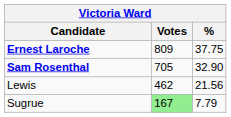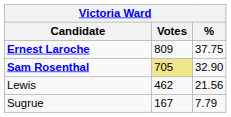 <table class="wikitable">
 <tr>
 <th colspan="3"><a href='#'>Victoria Ward</a></th>
 </tr>
 <tr>
 <th style="width: 200px">Candidate</th>
 <th style="width: 50px">Votes</th>
 <th style="width: 40px">%</th>
 </tr>
 <tr>
 <td><strong><a href='#'>Ernest Laroche</a></strong></td>
 <td>809</td>
 <td>37.75</td>
 </tr>
 <tr>
 <td><strong><a href='#'>Sam Rosenthal</a></strong></td>
-<td>705</td>
+<td style="background: khaki;">705</td>
 <td>32.90</td>
 </tr>
 <tr>
 <td>Lewis</td>
 <td>462</td>
 <td>21.56</td>
 </tr>
 <tr>
 <td>Sugrue</td>
-<td style="background: lightgreen;">167</td>
+<td>167</td>
 <td>7.79</td>
 </tr>
 </table>
